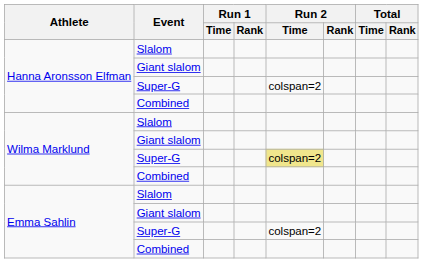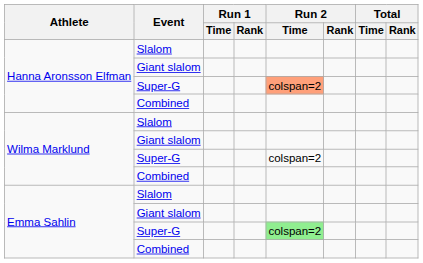 <table class="wikitable" style="font-size:90%">
 <tr>
 <th rowspan=2>Athlete</th>
 <th rowspan=2>Event</th>
 <th colspan=2>Run 1</th>
 <th colspan=2>Run 2</th>
 <th colspan=2>Total</th>
 </tr>
 <tr style="font-size:95%">
 <th>Time</th>
 <th>Rank</th>
 <th>Time</th>
 <th>Rank</th>
 <th>Time</th>
 <th>Rank</th>
 </tr>
 <tr align=center>
 <td align="left" rowspan=4><a href='#'>Hanna Aronsson Elfman</a></td>
 <td align="left"><a href='#'>Slalom</a></td>
 <td></td>
 <td></td>
 <td></td>
 <td></td>
 <td></td>
 <td></td>
 </tr>
 <tr align=center>
 <td align="left"><a href='#'>Giant slalom</a></td>
 <td></td>
 <td></td>
 <td></td>
 <td></td>
 <td></td>
 <td></td>
 </tr>
 <tr align=center>
 <td align="left"><a href='#'>Super-G</a></td>
 <td></td>
 <td></td>
-<td>colspan=2 </td>
+<td style="background: lightsalmon;">colspan=2 </td>
 <td></td>
 <td></td>
 </tr>
 <tr align=center>
 <td align="left"><a href='#'>Combined</a></td>
 <td></td>
 <td></td>
 <td></td>
 <td></td>
 <td></td>
 <td></td>
 </tr>
 <tr align=center>
 <td align="left" rowspan=4><a href='#'>Wilma Marklund</a></td>
 <td align="left"><a href='#'>Slalom</a></td>
 <td></td>
 <td></td>
 <td></td>
 <td></td>
 <td></td>
 <td></td>
 </tr>
 <tr align=center>
 <td align="left"><a href='#'>Giant slalom</a></td>
 <td></td>
 <td></td>
 <td></td>
 <td></td>
 <td></td>
 <td></td>
 </tr>
 <tr align=center>
 <td align="left"><a href='#'>Super-G</a></td>
 <td></td>
 <td></td>
-<td style="background: khaki;">colspan=2 </td>
+<td>colspan=2 </td>
 <td></td>
 <td></td>
 </tr>
 <tr align=center>
 <td align="left"><a href='#'>Combined</a></td>
 <td></td>
 <td></td>
 <td></td>
 <td></td>
 <td></td>
 <td></td>
 </tr>
 <tr align=center>
 <td align="left" rowspan=4><a href='#'>Emma Sahlin</a></td>
 <td align="left"><a href='#'>Slalom</a></td>
 <td></td>
 <td></td>
 <td></td>
 <td></td>
 <td></td>
 <td></td>
 </tr>
 <tr align=center>
 <td align="left"><a href='#'>Giant slalom</a></td>
 <td></td>
 <td></td>
 <td></td>
 <td></td>
 <td></td>
 <td></td>
 </tr>
 <tr align=center>
 <td align="left"><a href='#'>Super-G</a></td>
 <td></td>
 <td></td>
-<td>colspan=2 </td>
+<td style="background: lightgreen;">colspan=2 </td>
 <td></td>
 <td></td>
 </tr>
 <tr align=center>
 <td align="left"><a href='#'>Combined</a></td>
 <td></td>
 <td></td>
 <td></td>
 <td></td>
 <td></td>
 <td></td>
 </tr>
 </table>
